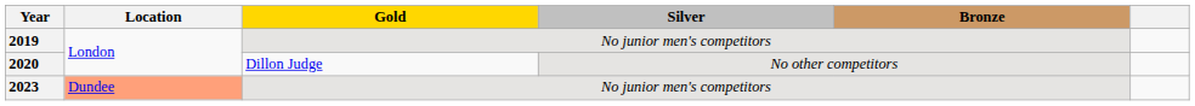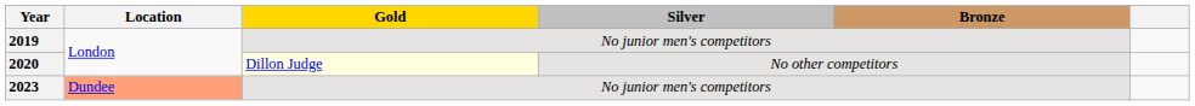 <table class="wikitable unsortable" style="text-align:left; width:80%">
 <tr>
 <th scope="col" style="text-align:center; width:5%">Year</th>
 <th scope="col" style="text-align:center; width:15%">Location</th>
 <th scope="col" style="text-align:center; width:25%; background:gold">Gold</th>
 <th scope="col" style="text-align:center; width:25%; background:silver">Silver</th>
 <th scope="col" style="text-align:center; width:25%; background:#c96">Bronze</th>
 <th scope="col" style="text-align:center; width:5%"></th>
 </tr>
 <tr>
 <th scope="row" style="text-align:left">2019</th>
 <td rowspan="2"> <a href='#'>London</a></td>
 <td colspan="3" align="center" bgcolor="e5e4e2"><em>No junior men's competitors</em></td>
 <td></td>
 </tr>
 <tr>
 <th scope="row" style="text-align:left">2020</th>
-<td><a href='#'>Dillon Judge</a></td>
+<td style="background: lightyellow;"><a href='#'>Dillon Judge</a></td>
 <td colspan="2" align="center" bgcolor="e5e4e2"><em>No other competitors</em></td>
 <td></td>
 </tr>
 <tr>
 <th scope="row" style="text-align:left">2023</th>
 <td style="background: lightsalmon;"> <a href='#'>Dundee</a></td>
 <td colspan="3" align="center" bgcolor="e5e4e2"><em>No junior men's competitors</em></td>
 <td></td>
 </tr>
 </table>
